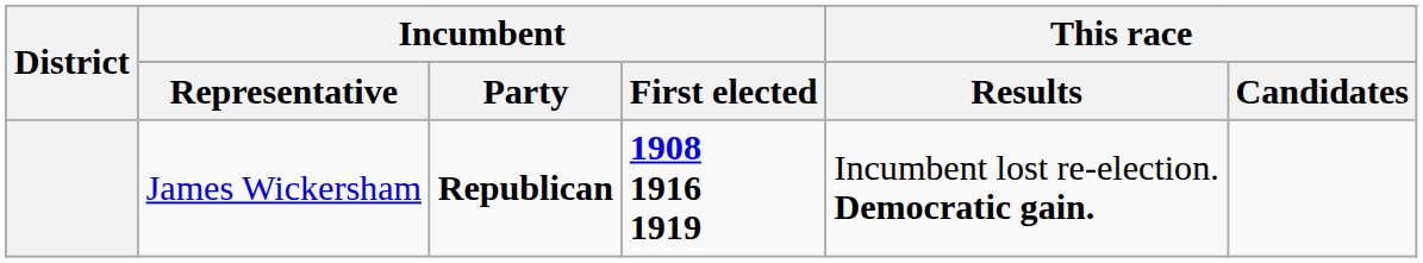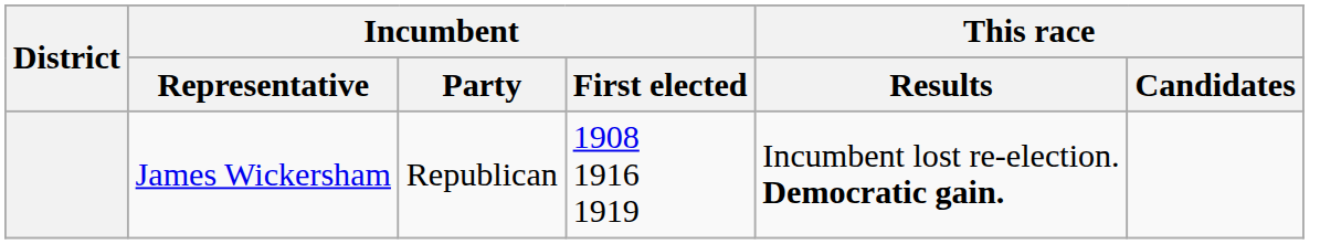 <table class=wikitable>
 <tr>
 <th rowspan=2>District</th>
 <th colspan=3>Incumbent</th>
 <th colspan=2>This race</th>
 </tr>
 <tr>
 <th>Representative</th>
 <th>Party</th>
 <th>First elected</th>
 <th>Results</th>
 <th>Candidates</th>
 </tr>
 <tr>
 <th></th>
 <td><a href='#'>James Wickersham</a></td>
-<td><strong>Republican</strong></td>
-<td><strong><a href='#'>1908</a><br>1916 <br>1919 </strong></td>
+<td>Republican</td>
+<td><a href='#'>1908</a><br>1916 <br>1919 </td>
 <td>Incumbent lost re-election.<br><strong>Democratic gain.</strong></td>
 <td nowrap></td>
 </tr>
 </table>
